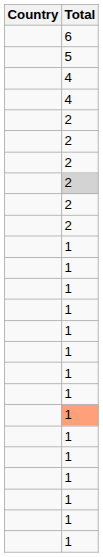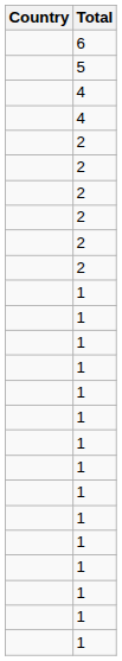 <table class="wikitable">
 <tr>
 <th>Country</th>
 <th>Total</th>
 </tr>
 <tr>
 <td></td>
 <td>6</td>
 </tr>
 <tr>
 <td></td>
 <td>5</td>
 </tr>
 <tr>
 <td></td>
 <td>4</td>
 </tr>
 <tr>
 <td></td>
 <td>4</td>
 </tr>
 <tr>
 <td></td>
 <td>2</td>
 </tr>
 <tr>
 <td></td>
 <td>2</td>
 </tr>
 <tr>
 <td></td>
 <td>2</td>
 </tr>
 <tr>
 <td></td>
-<td style="background: lightgrey;">2</td>
+<td>2</td>
 </tr>
 <tr>
 <td></td>
 <td>2</td>
 </tr>
 <tr>
 <td></td>
 <td>2</td>
 </tr>
 <tr>
 <td></td>
 <td>1</td>
 </tr>
 <tr>
 <td></td>
 <td>1</td>
 </tr>
 <tr>
 <td></td>
 <td>1</td>
 </tr>
 <tr>
 <td></td>
 <td>1</td>
 </tr>
 <tr>
 <td></td>
 <td>1</td>
 </tr>
 <tr>
 <td></td>
 <td>1</td>
 </tr>
 <tr>
 <td></td>
 <td>1</td>
 </tr>
 <tr>
 <td></td>
 <td>1</td>
 </tr>
 <tr>
 <td></td>
-<td style="background: lightsalmon;">1</td>
+<td>1</td>
 </tr>
 <tr>
 <td></td>
 <td>1</td>
 </tr>
 <tr>
 <td></td>
 <td>1</td>
 </tr>
 <tr>
 <td></td>
 <td>1</td>
 </tr>
 <tr>
 <td></td>
 <td>1</td>
 </tr>
 <tr>
 <td></td>
 <td>1</td>
 </tr>
 <tr>
 <td></td>
 <td>1</td>
 </tr>
 </table>
